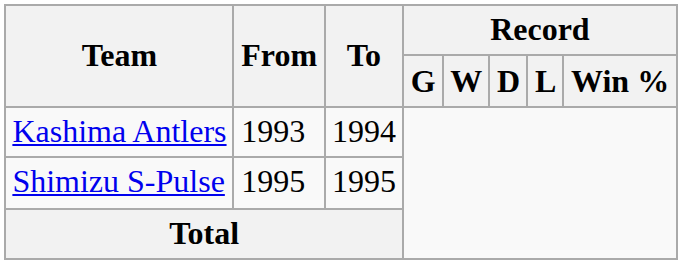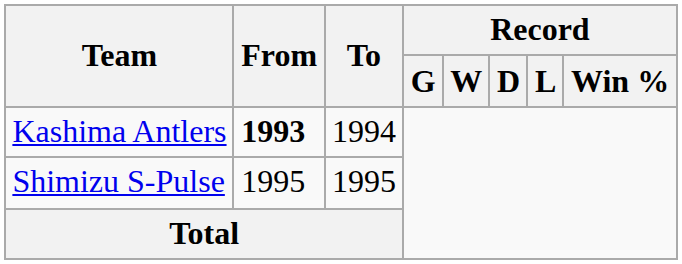 <table class="wikitable" style="text-align: center">
 <tr>
 <th rowspan="2">Team</th>
 <th rowspan="2">From</th>
 <th rowspan="2">To</th>
 <th colspan="5">Record</th>
 </tr>
 <tr>
 <th>G</th>
 <th>W</th>
 <th>D</th>
 <th>L</th>
 <th>Win %</th>
 </tr>
 <tr>
 <td align="left"><a href='#'>Kashima Antlers</a></td>
-<td align="left">1993</td>
+<td align="left"><strong>1993</strong></td>
 <td align="left">1994<br></td>
 </tr>
 <tr>
 <td align="left"><a href='#'>Shimizu S-Pulse</a></td>
 <td align="left">1995</td>
 <td align="left">1995<br></td>
 </tr>
 <tr>
 <th colspan="3">Total<br></th>
 </tr>
 </table>
